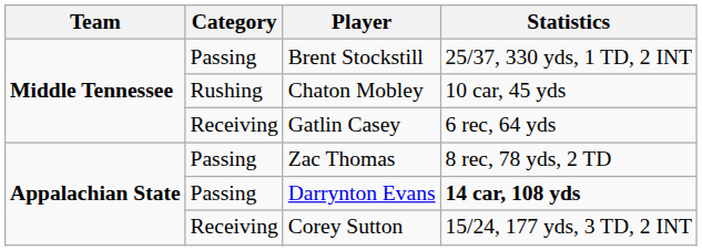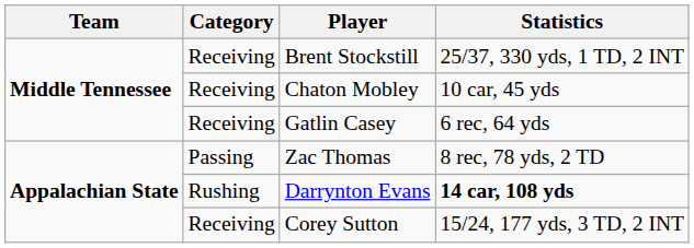 <table class="wikitable">
 <tr>
 <th>Team</th>
 <th>Category</th>
 <th>Player</th>
 <th>Statistics</th>
 </tr>
 <tr>
 <td rowspan=3><strong>Middle Tennessee</strong></td>
-<td>Passing</td>
+<td>Receiving</td>
 <td>Brent Stockstill</td>
 <td>25/37, 330 yds, 1 TD, 2 INT</td>
 </tr>
 <tr>
-<td>Rushing</td>
+<td>Receiving</td>
 <td>Chaton Mobley</td>
 <td>10 car, 45 yds</td>
 </tr>
 <tr>
 <td>Receiving</td>
 <td>Gatlin Casey</td>
 <td>6 rec, 64 yds</td>
 </tr>
 <tr>
 <td rowspan=3><strong>Appalachian State</strong></td>
 <td>Passing</td>
 <td>Zac Thomas</td>
 <td>8 rec, 78 yds, 2 TD</td>
 </tr>
 <tr>
-<td>Passing</td>
+<td>Rushing</td>
 <td><a href='#'>Darrynton Evans</a></td>
 <td><strong>14 car, 108 yds</strong></td>
 </tr>
 <tr>
 <td>Receiving</td>
 <td>Corey Sutton</td>
 <td>15/24, 177 yds, 3 TD, 2 INT</td>
 </tr>
 </table>
